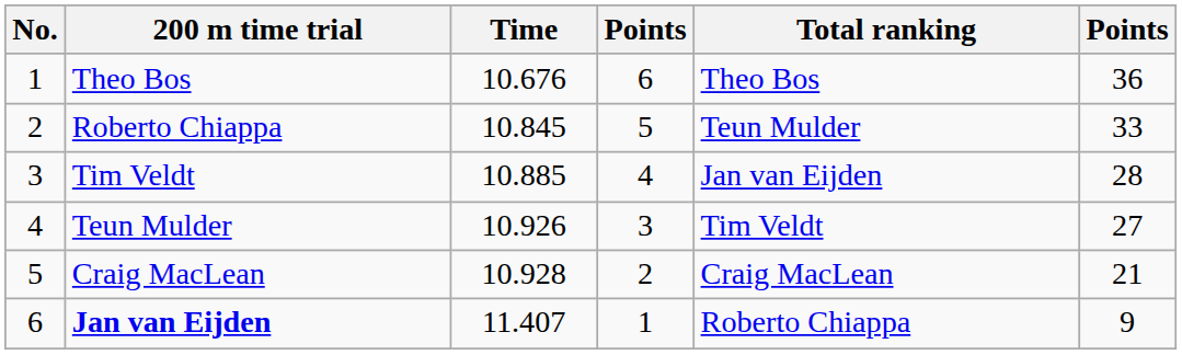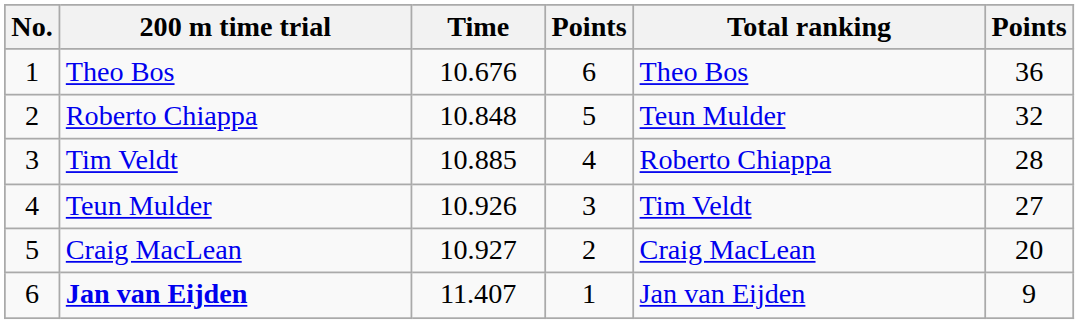 <table class="wikitable">
 <tr>
 <th width="20px">No.</th>
 <th width="200px">200 m time trial</th>
 <th width="70px">Time</th>
 <th width="40px">Points</th>
 <th width="200px">Total ranking</th>
 <th width="40px">Points</th>
 </tr>
 <tr align=center>
 <td>1</td>
 <td align=left> <a href='#'>Theo Bos</a></td>
 <td>10.676</td>
 <td>6</td>
 <td align=left> <a href='#'>Theo Bos</a></td>
 <td>36</td>
 </tr>
 <tr align=center>
 <td>2</td>
 <td align=left> <a href='#'>Roberto Chiappa</a></td>
-<td>10.845</td>
+<td>10.848</td>
 <td>5</td>
 <td align=left> <a href='#'>Teun Mulder</a></td>
-<td>33</td>
+<td>32</td>
 </tr>
 <tr align=center>
 <td>3</td>
 <td align=left> <a href='#'>Tim Veldt</a></td>
 <td>10.885</td>
 <td>4</td>
-<td align=left> <a href='#'>Jan van Eijden</a></td>
+<td align=left> <a href='#'>Roberto Chiappa</a></td>
 <td>28</td>
 </tr>
 <tr align=center>
 <td>4</td>
 <td align=left> <a href='#'>Teun Mulder</a></td>
 <td>10.926</td>
 <td>3</td>
 <td align=left> <a href='#'>Tim Veldt</a></td>
 <td>27</td>
 </tr>
 <tr align=center>
 <td>5</td>
 <td align=left> <a href='#'>Craig MacLean</a></td>
-<td>10.928</td>
+<td>10.927</td>
 <td>2</td>
 <td align=left> <a href='#'>Craig MacLean</a></td>
-<td>21</td>
+<td>20</td>
 </tr>
 <tr align=center>
 <td>6</td>
 <td align=left><strong> <a href='#'>Jan van Eijden</a></strong></td>
 <td>11.407</td>
 <td>1</td>
-<td align=left> <a href='#'>Roberto Chiappa</a></td>
+<td align=left> <a href='#'>Jan van Eijden</a></td>
 <td>9</td>
 </tr>
 </table>
